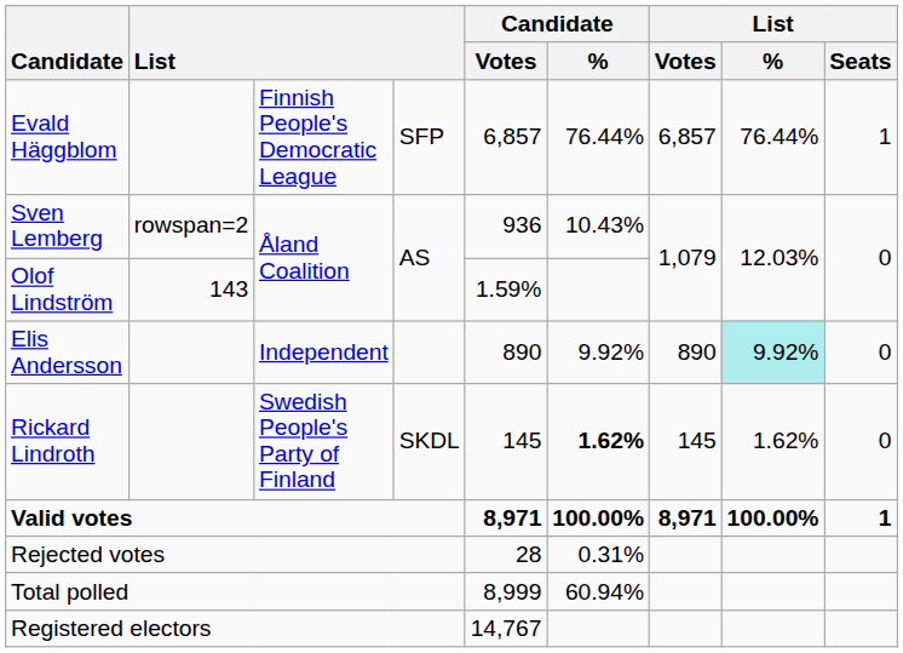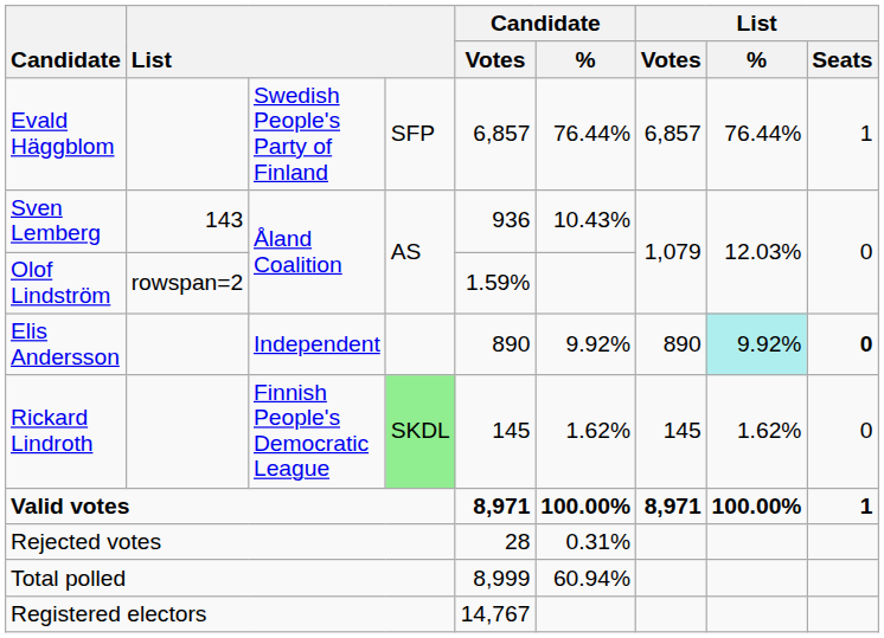 <table class="wikitable" border="1" style="text-align:right;">
 <tr>
 <th ! style="text-align:left;" valign=bottom rowspan=2>Candidate</th>
 <th style="text-align:left;" valign=bottom rowspan=2 colspan=3>List</th>
 <th colspan=2>Candidate</th>
 <th colspan=3>List</th>
 </tr>
 <tr>
 <th align=center valign=bottom width="50">Votes</th>
 <th align=center valign=bottom width="50">%</th>
 <th align=center valign=bottom width="50">Votes</th>
 <th align=center valign=bottom width="50">%</th>
 <th align=center valign=bottom width="50">Seats</th>
 </tr>
 <tr>
 <td align=left><a href='#'>Evald Häggblom</a></td>
 <td></td>
-<td align=left><a href='#'>Finnish People's Democratic League</a></td>
+<td align=left><a href='#'>Swedish People's Party of Finland</a></td>
 <td align=left>SFP</td>
 <td>6,857</td>
 <td>76.44%</td>
 <td>6,857</td>
 <td>76.44%</td>
 <td>1</td>
 </tr>
 <tr>
 <td align=left><a href='#'>Sven Lemberg</a></td>
-<td>rowspan=2 </td>
+<td>143</td>
 <td rowspan=2 align=left><a href='#'>Åland Coalition</a></td>
 <td rowspan=2 align=left>AS</td>
 <td>936</td>
 <td>10.43%</td>
 <td rowspan=2>1,079</td>
 <td rowspan=2>12.03%</td>
 <td rowspan=2>0</td>
 </tr>
 <tr>
 <td align=left><a href='#'>Olof Lindström</a></td>
-<td>143</td>
+<td>rowspan=2 </td>
 <td>1.59%</td>
 </tr>
 <tr>
 <td align=left><a href='#'>Elis Andersson</a></td>
 <td></td>
 <td align=left><a href='#'>Independent</a></td>
 <td align=left></td>
 <td>890</td>
 <td>9.92%</td>
 <td>890</td>
 <td style="background: paleturquoise;">9.92%</td>
-<td>0</td>
+<td><strong>0</strong></td>
 </tr>
 <tr>
 <td align=left><a href='#'>Rickard Lindroth</a></td>
 <td></td>
-<td align=left><a href='#'>Swedish People's Party of Finland</a></td>
-<td align=left>SKDL</td>
+<td align=left><a href='#'>Finnish People's Democratic League</a></td>
+<td align=left style="background: lightgreen;">SKDL</td>
 <td>145</td>
-<td><strong>1.62%</strong></td>
+<td>1.62%</td>
 <td>145</td>
 <td>1.62%</td>
 <td>0</td>
 </tr>
 <tr style="font-weight:bold">
 <td align=left colspan=4>Valid votes</td>
 <td>8,971</td>
 <td>100.00%</td>
 <td>8,971</td>
 <td>100.00%</td>
 <td>1</td>
 </tr>
 <tr>
 <td align=left colspan=4>Rejected votes</td>
 <td>28</td>
 <td>0.31%</td>
 <td></td>
 <td></td>
 <td></td>
 </tr>
 <tr>
 <td align=left colspan=4>Total polled</td>
 <td>8,999</td>
 <td>60.94%</td>
 <td></td>
 <td></td>
 <td></td>
 </tr>
 <tr>
 <td align=left colspan=4>Registered electors</td>
 <td>14,767</td>
 <td></td>
 <td></td>
 <td></td>
 <td></td>
 </tr>
 </table>
